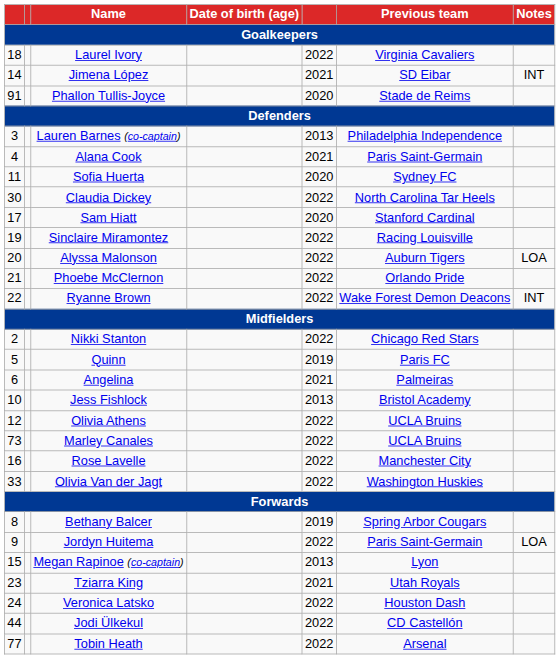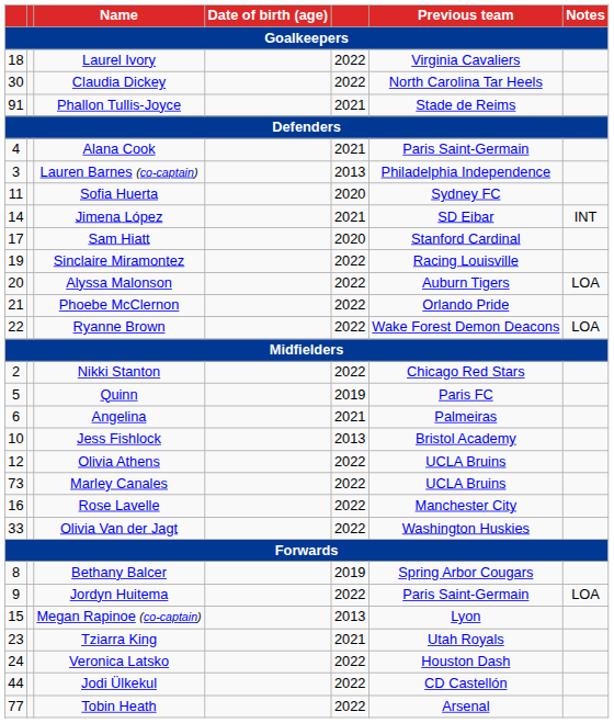 <table class="wikitable" style="text-align:center;">
 <tr>
 <th style="background:#DC2828; color:white;"></th>
 <th style="background:#DC2828; color:white;"></th>
 <th style="background:#DC2828; color:white;">Name</th>
 <th style="background:#DC2828; color:white;">Date of birth (age)</th>
 <th style="background:#DC2828; color:white;"></th>
 <th style="background:#DC2828; color:white;">Previous team</th>
 <th style="background:#DC2828; color:white;">Notes</th>
 </tr>
 <tr>
 <th colspan="7" style="background:#003893; color:white; ">Goalkeepers</th>
 </tr>
 <tr>
 <td>18</td>
 <td></td>
 <td><a href='#'>Laurel Ivory</a></td>
 <td></td>
 <td>2022</td>
 <td> <a href='#'>Virginia Cavaliers</a></td>
 <td></td>
 </tr>
 <tr>
-<td>14</td>
+<td>30</td>
 <td></td>
-<td><a href='#'>Jimena López</a></td>
+<td><a href='#'>Claudia Dickey</a></td>
 <td></td>
-<td>2021</td>
-<td> <a href='#'>SD Eibar</a></td>
-<td>INT</td>
+<td>2022</td>
+<td> <a href='#'>North Carolina Tar Heels</a></td>
+<td></td>
 </tr>
 <tr>
 <td>91</td>
 <td></td>
 <td><a href='#'>Phallon Tullis-Joyce</a></td>
 <td></td>
-<td>2020</td>
+<td>2021</td>
 <td> <a href='#'>Stade de Reims</a></td>
 <td></td>
 </tr>
 <tr>
 <th colspan="7" style="background:#003893; color:white; ">Defenders</th>
+</tr>
+<tr>
+<td>4</td>
+<td></td>
+<td><a href='#'>Alana Cook</a></td>
+<td></td>
+<td>2021</td>
+<td> <a href='#'>Paris Saint-Germain</a></td>
+<td></td>
 </tr>
 <tr>
 <td>3</td>
 <td></td>
 <td><a href='#'>Lauren Barnes</a> <em><small>(<a href='#'>co-captain</a>)</small></em></td>
 <td></td>
 <td>2013</td>
 <td> <a href='#'>Philadelphia Independence</a></td>
-<td></td>
-</tr>
-<tr>
-<td>4</td>
-<td></td>
-<td><a href='#'>Alana Cook</a></td>
-<td></td>
-<td>2021</td>
-<td> <a href='#'>Paris Saint-Germain</a></td>
 <td></td>
 </tr>
 <tr>
 <td>11</td>
 <td></td>
 <td><a href='#'>Sofia Huerta</a></td>
 <td></td>
 <td>2020</td>
 <td> <a href='#'>Sydney FC</a></td>
 <td></td>
 </tr>
 <tr>
-<td>30</td>
+<td>14</td>
 <td></td>
-<td><a href='#'>Claudia Dickey</a></td>
+<td><a href='#'>Jimena López</a></td>
 <td></td>
-<td>2022</td>
-<td> <a href='#'>North Carolina Tar Heels</a></td>
-<td></td>
+<td>2021</td>
+<td> <a href='#'>SD Eibar</a></td>
+<td>INT</td>
 </tr>
 <tr>
 <td>17</td>
 <td></td>
 <td><a href='#'>Sam Hiatt</a></td>
 <td></td>
 <td>2020</td>
 <td> <a href='#'>Stanford Cardinal</a></td>
 <td></td>
 </tr>
 <tr>
 <td>19</td>
 <td></td>
 <td><a href='#'>Sinclaire Miramontez</a></td>
 <td></td>
 <td>2022</td>
 <td> <a href='#'>Racing Louisville</a></td>
 <td></td>
 </tr>
 <tr>
 <td>20</td>
 <td></td>
 <td><a href='#'>Alyssa Malonson</a></td>
 <td></td>
 <td>2022</td>
 <td> <a href='#'>Auburn Tigers</a></td>
 <td>LOA</td>
 </tr>
 <tr>
 <td>21</td>
 <td></td>
 <td><a href='#'>Phoebe McClernon</a></td>
 <td></td>
 <td>2022</td>
 <td> <a href='#'>Orlando Pride</a></td>
 <td></td>
 </tr>
 <tr>
 <td>22</td>
 <td></td>
 <td><a href='#'>Ryanne Brown</a></td>
 <td></td>
 <td>2022</td>
 <td> <a href='#'>Wake Forest Demon Deacons</a></td>
-<td>INT</td>
+<td>LOA</td>
 </tr>
 <tr>
 <th colspan="7" style="background:#003893; color:white; ">Midfielders</th>
 </tr>
 <tr>
 <td>2</td>
 <td></td>
 <td><a href='#'>Nikki Stanton</a></td>
 <td></td>
 <td>2022</td>
 <td> <a href='#'>Chicago Red Stars</a></td>
 <td></td>
 </tr>
 <tr>
 <td>5</td>
 <td></td>
 <td><a href='#'>Quinn</a></td>
 <td></td>
 <td>2019</td>
 <td> <a href='#'>Paris FC</a></td>
 <td></td>
 </tr>
 <tr>
 <td>6</td>
 <td></td>
 <td><a href='#'>Angelina</a></td>
 <td></td>
 <td>2021</td>
 <td> <a href='#'>Palmeiras</a></td>
 <td></td>
 </tr>
 <tr>
 <td>10</td>
 <td></td>
 <td><a href='#'>Jess Fishlock</a></td>
 <td></td>
 <td>2013</td>
 <td> <a href='#'>Bristol Academy</a></td>
 <td></td>
 </tr>
 <tr>
 <td>12</td>
 <td></td>
 <td><a href='#'>Olivia Athens</a></td>
 <td></td>
 <td>2022</td>
 <td> <a href='#'>UCLA Bruins</a></td>
 <td></td>
 </tr>
 <tr>
 <td>73</td>
 <td></td>
 <td><a href='#'>Marley Canales</a></td>
 <td></td>
 <td>2022</td>
 <td> <a href='#'>UCLA Bruins</a></td>
 <td></td>
 </tr>
 <tr>
 <td>16</td>
 <td></td>
 <td><a href='#'>Rose Lavelle</a></td>
 <td></td>
 <td>2022</td>
 <td> <a href='#'>Manchester City</a></td>
 <td></td>
 </tr>
 <tr>
 <td>33</td>
 <td></td>
 <td><a href='#'>Olivia Van der Jagt</a></td>
 <td></td>
 <td>2022</td>
 <td> <a href='#'>Washington Huskies</a></td>
 <td></td>
 </tr>
 <tr>
 <th colspan="7" style="background:#003893; color:white; ">Forwards</th>
 </tr>
 <tr>
 <td>8</td>
 <td></td>
 <td><a href='#'>Bethany Balcer</a></td>
 <td></td>
 <td>2019</td>
 <td> <a href='#'>Spring Arbor Cougars</a></td>
 <td></td>
 </tr>
 <tr>
 <td>9</td>
 <td></td>
 <td><a href='#'>Jordyn Huitema</a></td>
 <td></td>
 <td>2022</td>
 <td> <a href='#'>Paris Saint-Germain</a></td>
 <td>LOA</td>
 </tr>
 <tr>
 <td>15</td>
 <td></td>
 <td><a href='#'>Megan Rapinoe</a> <em><small>(<a href='#'>co-captain</a>)</small></em></td>
 <td></td>
 <td>2013</td>
 <td> <a href='#'>Lyon</a></td>
 <td></td>
 </tr>
 <tr>
 <td>23</td>
 <td></td>
 <td><a href='#'>Tziarra King</a></td>
 <td></td>
 <td>2021</td>
 <td> <a href='#'>Utah Royals</a></td>
 <td></td>
 </tr>
 <tr>
 <td>24</td>
 <td></td>
 <td><a href='#'>Veronica Latsko</a></td>
 <td></td>
 <td>2022</td>
 <td> <a href='#'>Houston Dash</a></td>
 <td></td>
 </tr>
 <tr>
 <td>44</td>
 <td></td>
 <td><a href='#'>Jodi Ülkekul</a></td>
 <td></td>
 <td>2022</td>
 <td> <a href='#'>CD Castellón</a></td>
 <td></td>
 </tr>
 <tr>
 <td>77</td>
 <td></td>
 <td><a href='#'>Tobin Heath</a></td>
 <td></td>
 <td>2022</td>
 <td> <a href='#'>Arsenal</a></td>
 <td></td>
 </tr>
 </table>
